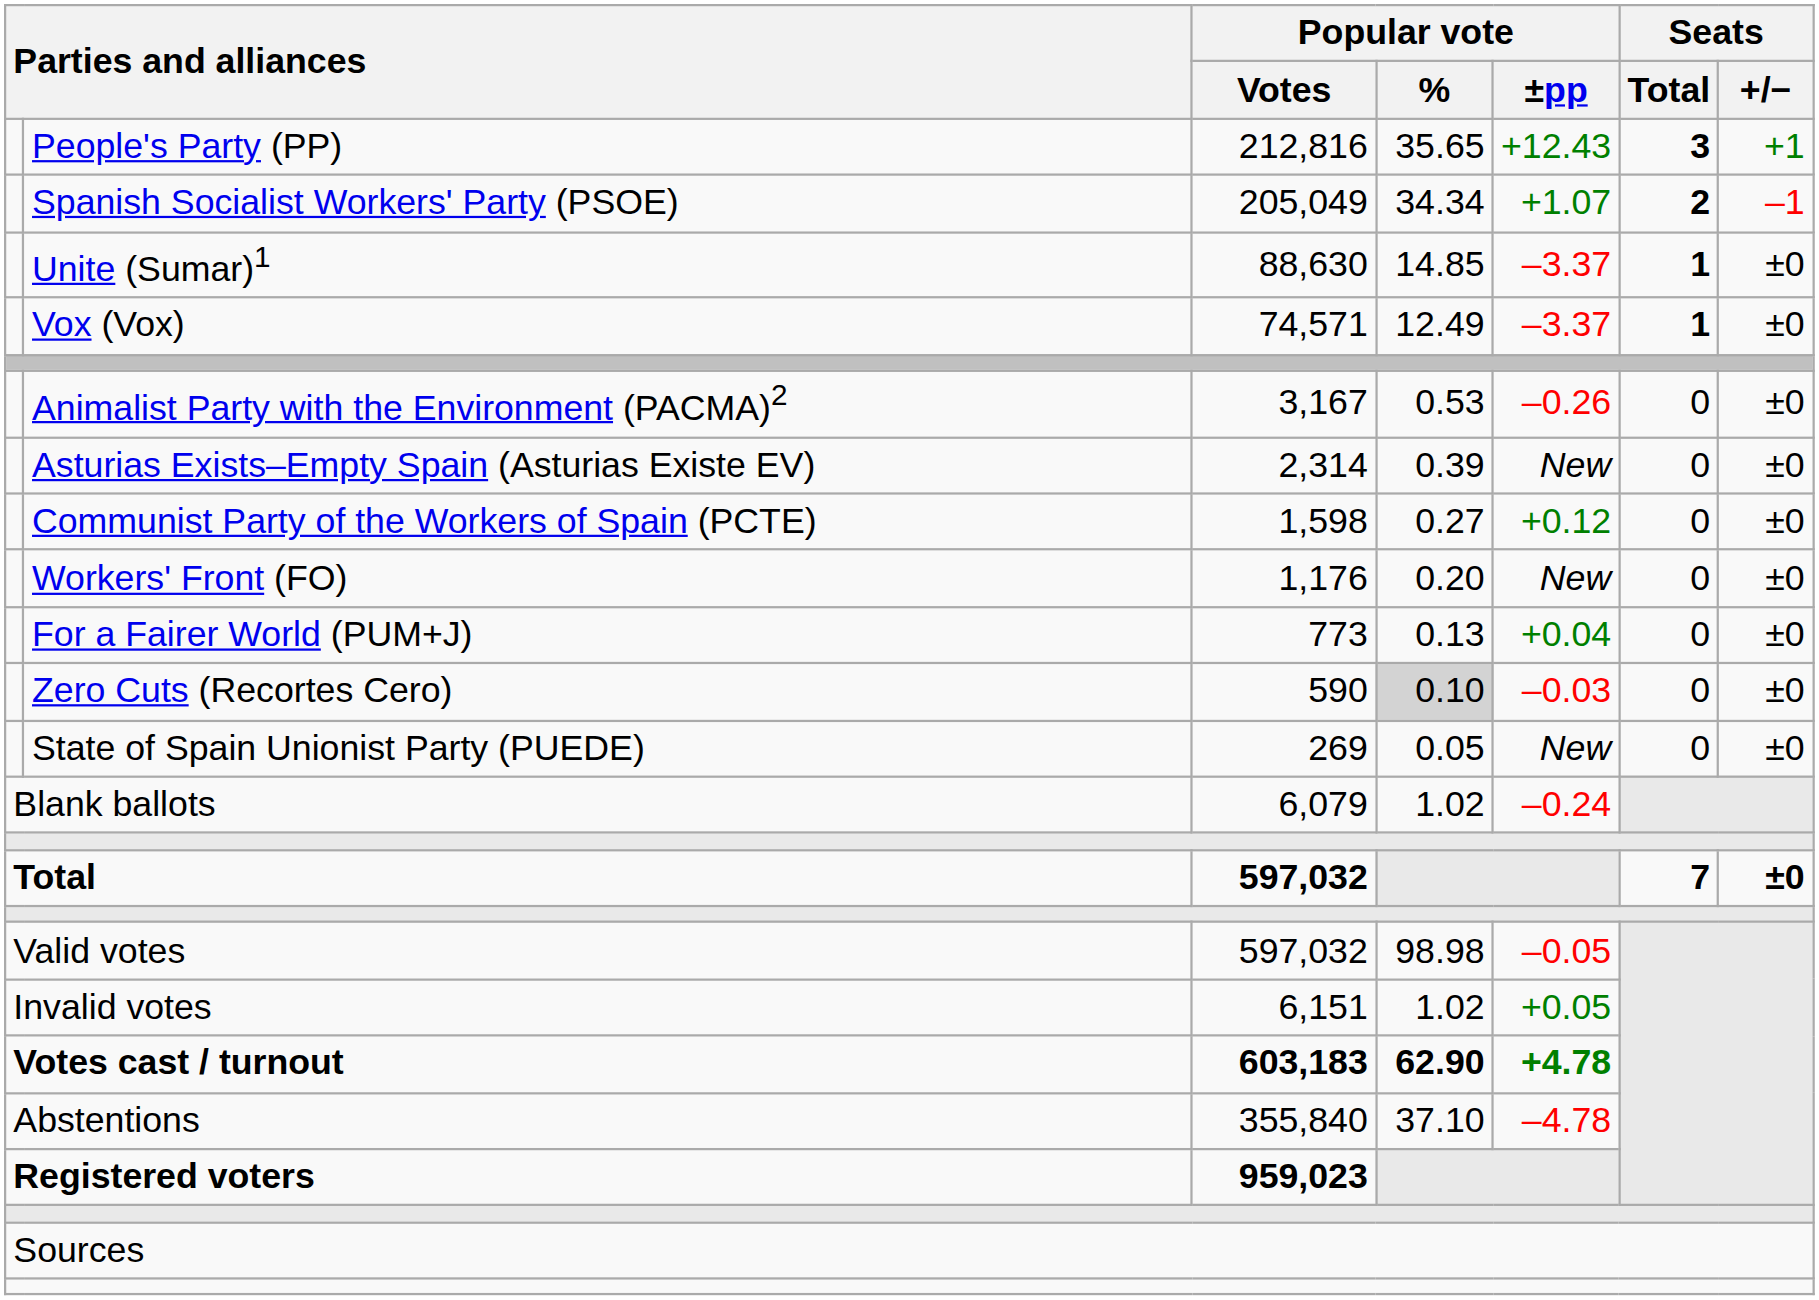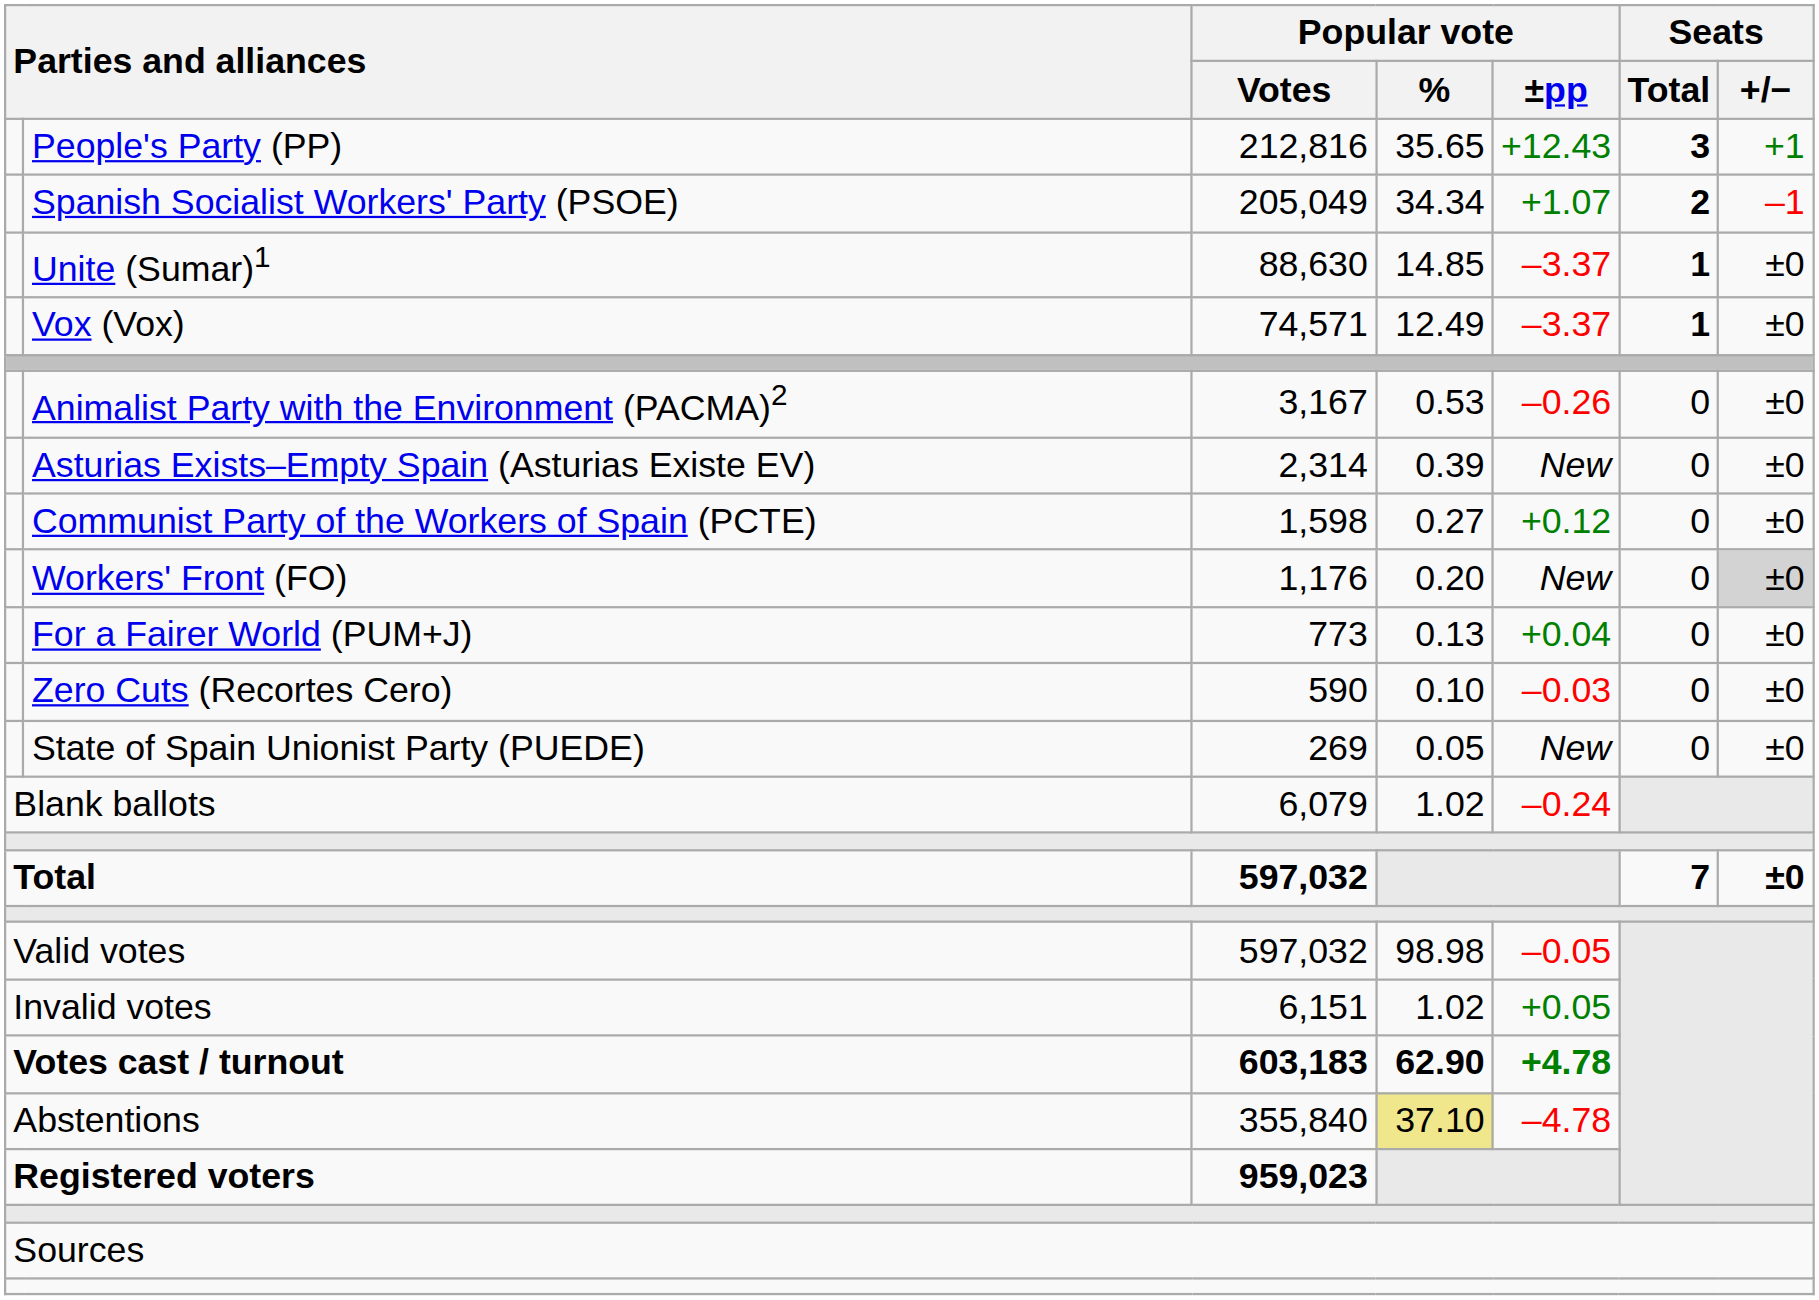 <table class="wikitable" style="text-align:right;">
 <tr>
 <th style="text-align:left;" rowspan="2" colspan="2" width="525">Parties and alliances</th>
 <th colspan="3">Popular vote</th>
 <th colspan="2">Seats</th>
 </tr>
 <tr>
 <th width="75">Votes</th>
 <th width="45">%</th>
 <th width="45">±<a href='#'>pp</a></th>
 <th width="35">Total</th>
 <th width="35">+/−</th>
 </tr>
 <tr>
 <td width="1" style="color:inherit;background:"></td>
 <td align="left"><a href='#'>People's Party</a> (PP)</td>
 <td>212,816</td>
 <td>35.65</td>
 <td style="color:green;">+12.43</td>
 <td><strong>3</strong></td>
 <td style="color:green;">+1</td>
 </tr>
 <tr>
 <td style="color:inherit;background:"></td>
 <td align="left"><a href='#'>Spanish Socialist Workers' Party</a> (PSOE)</td>
 <td>205,049</td>
 <td>34.34</td>
 <td style="color:green;">+1.07</td>
 <td><strong>2</strong></td>
 <td style="color:red;">–1</td>
 </tr>
 <tr>
 <td style="color:inherit;background:"></td>
 <td align="left"><a href='#'>Unite</a> (Sumar)<sup>1</sup></td>
 <td>88,630</td>
 <td>14.85</td>
 <td style="color:red;">–3.37</td>
 <td><strong>1</strong></td>
 <td>±0</td>
 </tr>
 <tr>
 <td style="color:inherit;background:"></td>
 <td align="left"><a href='#'>Vox</a> (Vox)</td>
 <td>74,571</td>
 <td>12.49</td>
 <td style="color:red;">–3.37</td>
 <td><strong>1</strong></td>
 <td>±0</td>
 </tr>
 <tr>
 <td colspan="7" bgcolor="#C0C0C0"></td>
 </tr>
 <tr>
 <td style="color:inherit;background:"></td>
 <td align="left"><a href='#'>Animalist Party with the Environment</a> (PACMA)<sup>2</sup></td>
 <td>3,167</td>
 <td>0.53</td>
 <td style="color:red;">–0.26</td>
 <td>0</td>
 <td>±0</td>
 </tr>
 <tr>
 <td style="color:inherit;background:"></td>
 <td align="left"><a href='#'>Asturias Exists–Empty Spain</a> (Asturias Existe EV)</td>
 <td>2,314</td>
 <td>0.39</td>
 <td><em>New</em></td>
 <td>0</td>
 <td>±0</td>
 </tr>
 <tr>
 <td style="color:inherit;background:"></td>
 <td align="left"><a href='#'>Communist Party of the Workers of Spain</a> (PCTE)</td>
 <td>1,598</td>
 <td>0.27</td>
 <td style="color:green;">+0.12</td>
 <td>0</td>
 <td>±0</td>
 </tr>
 <tr>
 <td style="color:inherit;background:"></td>
 <td align="left"><a href='#'>Workers' Front</a> (FO)</td>
 <td>1,176</td>
 <td>0.20</td>
 <td><em>New</em></td>
 <td>0</td>
-<td>±0</td>
+<td style="background: lightgrey;">±0</td>
 </tr>
 <tr>
 <td style="color:inherit;background:"></td>
 <td align="left"><a href='#'>For a Fairer World</a> (PUM+J)</td>
 <td>773</td>
 <td>0.13</td>
 <td style="color:green;">+0.04</td>
 <td>0</td>
 <td>±0</td>
 </tr>
 <tr>
 <td style="color:inherit;background:"></td>
 <td align="left"><a href='#'>Zero Cuts</a> (Recortes Cero)</td>
 <td>590</td>
-<td style="background: lightgrey;">0.10</td>
+<td>0.10</td>
 <td style="color:red;">–0.03</td>
 <td>0</td>
 <td>±0</td>
 </tr>
 <tr>
 <td style="color:inherit;background:"></td>
 <td align="left">State of Spain Unionist Party (PUEDE)</td>
 <td>269</td>
 <td>0.05</td>
 <td><em>New</em></td>
 <td>0</td>
 <td>±0</td>
 </tr>
 <tr>
 <td align="left" colspan="2">Blank ballots</td>
 <td>6,079</td>
 <td>1.02</td>
 <td style="color:red;">–0.24</td>
 <td bgcolor="#E9E9E9" colspan="2"></td>
 </tr>
 <tr>
 <td colspan="7" bgcolor="#E9E9E9"></td>
 </tr>
 <tr style="font-weight:bold;">
 <td align="left" colspan="2">Total</td>
 <td>597,032</td>
 <td bgcolor="#E9E9E9" colspan="2"></td>
 <td>7</td>
 <td>±0</td>
 </tr>
 <tr>
 <td colspan="7" bgcolor="#E9E9E9"></td>
 </tr>
 <tr>
 <td align="left" colspan="2">Valid votes</td>
 <td>597,032</td>
 <td>98.98</td>
 <td style="color:red;">–0.05</td>
 <td bgcolor="#E9E9E9" colspan="2" rowspan="5"></td>
 </tr>
 <tr>
 <td align="left" colspan="2">Invalid votes</td>
 <td>6,151</td>
 <td>1.02</td>
 <td style="color:green;">+0.05</td>
 </tr>
 <tr style="font-weight:bold;">
 <td align="left" colspan="2">Votes cast / turnout</td>
 <td>603,183</td>
 <td>62.90</td>
 <td style="color:green;">+4.78</td>
 </tr>
 <tr>
 <td align="left" colspan="2">Abstentions</td>
 <td>355,840</td>
-<td>37.10</td>
+<td style="background: khaki;">37.10</td>
 <td style="color:red;">–4.78</td>
 </tr>
 <tr style="font-weight:bold;">
 <td align="left" colspan="2">Registered voters</td>
 <td>959,023</td>
 <td bgcolor="#E9E9E9" colspan="2"></td>
 </tr>
 <tr>
 <td colspan="7" bgcolor="#E9E9E9"></td>
 </tr>
 <tr>
 <td align="left" colspan="7">Sources</td>
 </tr>
 <tr>
 <td colspan="7" style="text-align:left; max-width:790px;"></td>
 </tr>
 </table>
